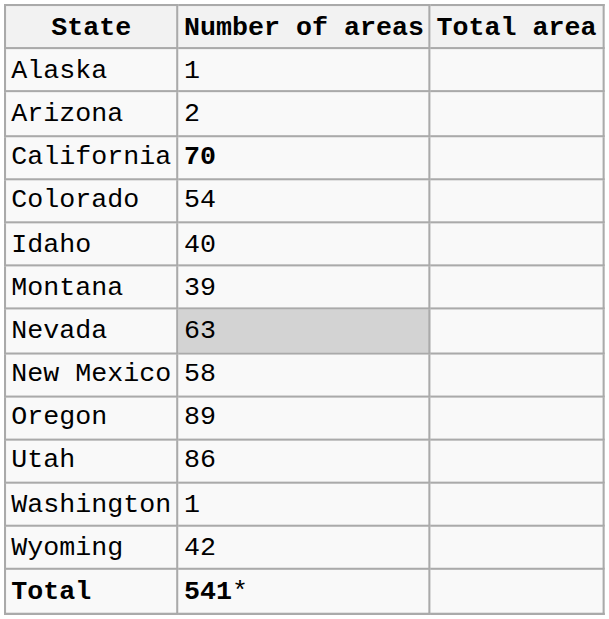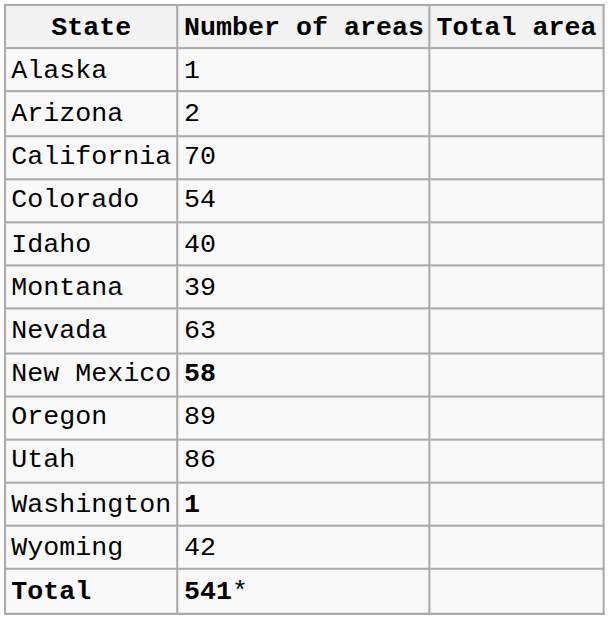 <table class="wikitable sortable">
 <tr>
 <th scope="col">State</th>
 <th scope="col">Number of areas</th>
 <th scope="col">Total area</th>
 </tr>
 <tr>
 <td scope="col">Alaska</td>
 <td>1</td>
 <td></td>
 </tr>
 <tr>
 <td scope="col">Arizona</td>
 <td>2</td>
 <td></td>
 </tr>
 <tr>
 <td scope="col">California</td>
-<td><strong>70</strong></td>
+<td>70</td>
 <td></td>
 </tr>
 <tr>
 <td scope="col">Colorado</td>
 <td>54</td>
 <td></td>
 </tr>
 <tr>
 <td scope="col">Idaho</td>
 <td>40</td>
 <td></td>
 </tr>
 <tr>
 <td scope="col">Montana</td>
 <td>39</td>
 <td></td>
 </tr>
 <tr>
 <td scope="col">Nevada</td>
-<td style="background: lightgrey;">63</td>
+<td>63</td>
 <td></td>
 </tr>
 <tr>
 <td scope="col">New Mexico</td>
-<td>58</td>
+<td><strong>58</strong></td>
 <td></td>
 </tr>
 <tr>
 <td scope="col">Oregon</td>
 <td>89</td>
 <td></td>
 </tr>
 <tr>
 <td scope="col">Utah</td>
 <td>86</td>
 <td></td>
 </tr>
 <tr>
 <td scope="col">Washington</td>
-<td>1</td>
+<td><strong>1</strong></td>
 <td></td>
 </tr>
 <tr>
 <td scope="col">Wyoming</td>
 <td>42</td>
 <td></td>
 </tr>
 <tr>
 <td scope="col"><strong>Total</strong></td>
 <td><strong>541</strong>*</td>
 <td><strong></strong></td>
 </tr>
 <tr>
 </tr>
 </table>
